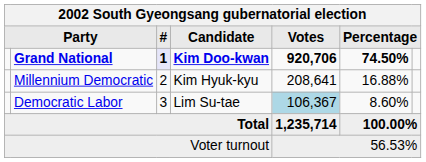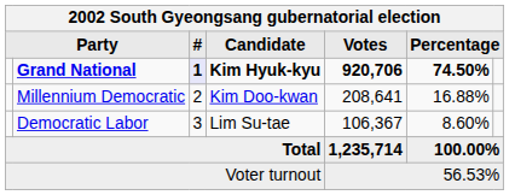 <table class="wikitable">
 <tr>
 <th colspan="7">2002 South Gyeongsang gubernatorial election</th>
 </tr>
 <tr>
 <th style="background-color:#E9E9E9" colspan=2>Party</th>
 <th style="background-color:#E9E9E9">#</th>
 <th style="background-color:#E9E9E9">Candidate</th>
 <th style="background-color:#E9E9E9">Votes</th>
 <th style="background-color:#E9E9E9" colspan=2>Percentage</th>
 </tr>
 <tr style="font-weight:bold">
 <td></td>
 <td align=left><a href='#'>Grand National</a></td>
 <td align=center style="background: lavender;">1</td>
-<td align=left><a href='#'>Kim Doo-kwan</a></td>
+<td align=left>Kim Hyuk-kyu</td>
 <td align=right>920,706</td>
 <td align=right>74.50%</td>
 <td align=right></td>
 </tr>
 <tr>
 <td></td>
 <td align=left><a href='#'>Millennium Democratic</a></td>
 <td align=center>2</td>
-<td align=left>Kim Hyuk-kyu</td>
+<td align=left><a href='#'>Kim Doo-kwan</a></td>
 <td align=right>208,641</td>
 <td align=right>16.88%</td>
 <td align=right></td>
 </tr>
 <tr>
 <td></td>
 <td align=left><a href='#'>Democratic Labor</a></td>
 <td align=center>3</td>
 <td align=left>Lim Su-tae</td>
-<td align=right style="background: lightblue;">106,367</td>
+<td align=right>106,367</td>
 <td align=right>8.60%</td>
 <td align=right></td>
 </tr>
 <tr bgcolor="#EEEEEE" style="font-weight:bold">
 <td colspan="4" align=right>Total</td>
 <td align=right>1,235,714</td>
 <td align=right colspan=2>100.00%</td>
 </tr>
 <tr bgcolor="#EEEEEE">
 <td colspan="4" align="right">Voter turnout</td>
 <td colspan="3" align="right">56.53%</td>
 </tr>
 </table>
